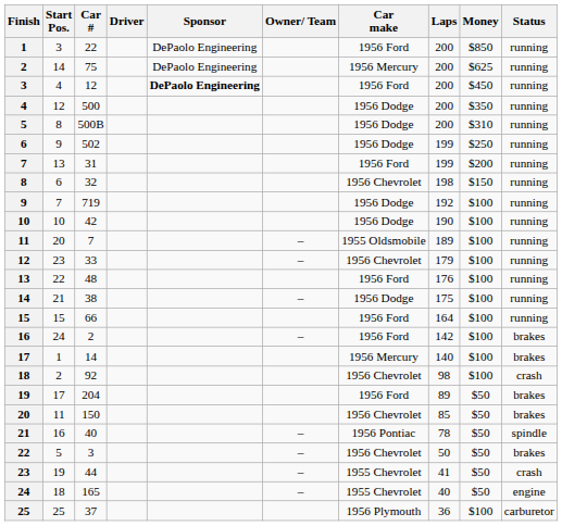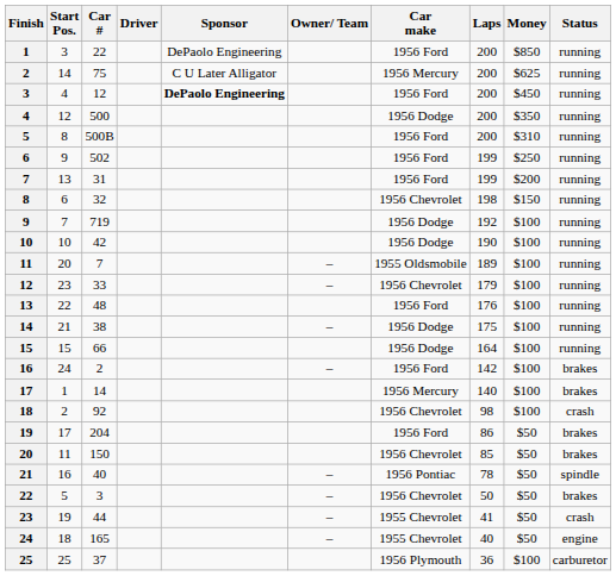 <table class= "wikitable sortable" style= text-align:center>
 <tr>
 <th>Finish</th>
 <th>Start<br>Pos.</th>
 <th>Car<br>#</th>
 <th>Driver</th>
 <th>Sponsor</th>
 <th>Owner/ Team</th>
 <th>Car<br>make</th>
 <th>Laps</th>
 <th>Money</th>
 <th>Status</th>
 </tr>
 <tr>
 <th>1</th>
 <td>3</td>
 <td>22</td>
 <td></td>
 <td>DePaolo Engineering</td>
 <td></td>
 <td>1956 Ford</td>
 <td>200</td>
 <td>$850</td>
 <td>running</td>
 </tr>
 <tr>
 <th>2</th>
 <td>14</td>
 <td>75</td>
 <td></td>
-<td>DePaolo Engineering</td>
+<td>C U Later Alligator</td>
 <td></td>
 <td>1956 Mercury</td>
 <td>200</td>
 <td>$625</td>
 <td>running</td>
 </tr>
 <tr>
 <th>3</th>
 <td>4</td>
 <td>12</td>
 <td></td>
 <td><strong>DePaolo Engineering</strong></td>
 <td></td>
 <td>1956 Ford</td>
 <td>200</td>
 <td>$450</td>
 <td>running</td>
 </tr>
 <tr>
 <th>4</th>
 <td>12</td>
 <td>500</td>
 <td></td>
 <td></td>
 <td></td>
 <td>1956 Dodge</td>
 <td>200</td>
 <td>$350</td>
 <td>running</td>
 </tr>
 <tr>
 <th>5</th>
 <td>8</td>
 <td>500B</td>
 <td></td>
 <td></td>
 <td></td>
-<td>1956 Dodge</td>
+<td>1956 Ford</td>
 <td>200</td>
 <td>$310</td>
 <td>running</td>
 </tr>
 <tr>
 <th>6</th>
 <td>9</td>
 <td>502</td>
 <td></td>
 <td></td>
 <td></td>
-<td>1956 Dodge</td>
+<td>1956 Ford</td>
 <td>199</td>
 <td>$250</td>
 <td>running</td>
 </tr>
 <tr>
 <th>7</th>
 <td>13</td>
 <td>31</td>
 <td></td>
 <td></td>
 <td></td>
 <td>1956 Ford</td>
 <td>199</td>
 <td>$200</td>
 <td>running</td>
 </tr>
 <tr>
 <th>8</th>
 <td>6</td>
 <td>32</td>
 <td></td>
 <td></td>
 <td></td>
 <td>1956 Chevrolet</td>
 <td>198</td>
 <td>$150</td>
 <td>running</td>
 </tr>
 <tr>
 <th>9</th>
 <td>7</td>
 <td>719</td>
 <td></td>
 <td></td>
 <td></td>
 <td>1956 Dodge</td>
 <td>192</td>
 <td>$100</td>
 <td>running</td>
 </tr>
 <tr>
 <th>10</th>
 <td>10</td>
 <td>42</td>
 <td></td>
 <td></td>
 <td></td>
 <td>1956 Dodge</td>
 <td>190</td>
 <td>$100</td>
 <td>running</td>
 </tr>
 <tr>
 <th>11</th>
 <td>20</td>
 <td>7</td>
 <td></td>
 <td></td>
 <td>–</td>
 <td>1955 Oldsmobile</td>
 <td>189</td>
 <td>$100</td>
 <td>running</td>
 </tr>
 <tr>
 <th>12</th>
 <td>23</td>
 <td>33</td>
 <td></td>
 <td></td>
 <td>–</td>
 <td>1956 Chevrolet</td>
 <td>179</td>
 <td>$100</td>
 <td>running</td>
 </tr>
 <tr>
 <th>13</th>
 <td>22</td>
 <td>48</td>
 <td></td>
 <td></td>
 <td></td>
 <td>1956 Ford</td>
 <td>176</td>
 <td>$100</td>
 <td>running</td>
 </tr>
 <tr>
 <th>14</th>
 <td>21</td>
 <td>38</td>
 <td></td>
 <td></td>
 <td>–</td>
 <td>1956 Dodge</td>
 <td>175</td>
 <td>$100</td>
 <td>running</td>
 </tr>
 <tr>
 <th>15</th>
 <td>15</td>
 <td>66</td>
 <td></td>
 <td></td>
 <td></td>
-<td>1956 Ford</td>
+<td>1956 Dodge</td>
 <td>164</td>
 <td>$100</td>
 <td>running</td>
 </tr>
 <tr>
 <th>16</th>
 <td>24</td>
 <td>2</td>
 <td></td>
 <td></td>
 <td>–</td>
 <td>1956 Ford</td>
 <td>142</td>
 <td>$100</td>
 <td>brakes</td>
 </tr>
 <tr>
 <th>17</th>
 <td>1</td>
 <td>14</td>
 <td></td>
 <td></td>
 <td></td>
 <td>1956 Mercury</td>
 <td>140</td>
 <td>$100</td>
 <td>brakes</td>
 </tr>
 <tr>
 <th>18</th>
 <td>2</td>
 <td>92</td>
 <td></td>
 <td></td>
 <td></td>
 <td>1956 Chevrolet</td>
 <td>98</td>
 <td>$100</td>
 <td>crash</td>
 </tr>
 <tr>
 <th>19</th>
 <td>17</td>
 <td>204</td>
 <td></td>
 <td></td>
 <td></td>
 <td>1956 Ford</td>
-<td>89</td>
+<td>86</td>
 <td>$50</td>
 <td>brakes</td>
 </tr>
 <tr>
 <th>20</th>
 <td>11</td>
 <td>150</td>
 <td></td>
 <td></td>
 <td></td>
 <td>1956 Chevrolet</td>
 <td>85</td>
 <td>$50</td>
 <td>brakes</td>
 </tr>
 <tr>
 <th>21</th>
 <td>16</td>
 <td>40</td>
 <td></td>
 <td></td>
 <td>–</td>
 <td>1956 Pontiac</td>
 <td>78</td>
 <td>$50</td>
 <td>spindle</td>
 </tr>
 <tr>
 <th>22</th>
 <td>5</td>
 <td>3</td>
 <td></td>
 <td></td>
 <td>–</td>
 <td>1956 Chevrolet</td>
 <td>50</td>
 <td>$50</td>
 <td>brakes</td>
 </tr>
 <tr>
 <th>23</th>
 <td>19</td>
 <td>44</td>
 <td></td>
 <td></td>
 <td>–</td>
 <td>1955 Chevrolet</td>
 <td>41</td>
 <td>$50</td>
 <td>crash</td>
 </tr>
 <tr>
 <th>24</th>
 <td>18</td>
 <td>165</td>
 <td></td>
 <td></td>
 <td>–</td>
 <td>1955 Chevrolet</td>
 <td>40</td>
 <td>$50</td>
 <td>engine</td>
 </tr>
 <tr>
 <th>25</th>
 <td>25</td>
 <td>37</td>
 <td></td>
 <td></td>
 <td></td>
 <td>1956 Plymouth</td>
 <td>36</td>
 <td>$100</td>
 <td>carburetor</td>
 </tr>
 </table>
